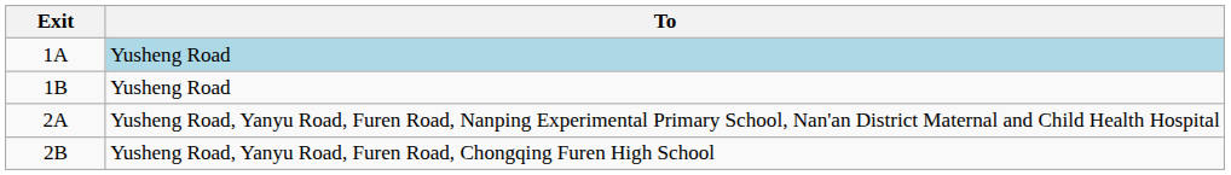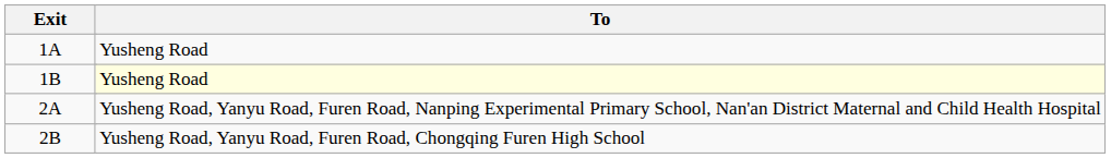 <table class="wikitable">
 <tr>
 <th style="width:70px" colspan="2">Exit</th>
 <th>To</th>
 </tr>
 <tr>
 <td align="center" colspan="2">1A</td>
-<td style="background: lightblue;">Yusheng Road</td>
+<td>Yusheng Road</td>
 </tr>
 <tr>
 <td align="center" colspan="2">1B</td>
-<td>Yusheng Road</td>
+<td style="background: lightyellow;">Yusheng Road</td>
 </tr>
 <tr>
 <td align="center" colspan="2">2A</td>
 <td>Yusheng Road, Yanyu Road, Furen Road, Nanping Experimental Primary School, Nan'an District Maternal and Child Health Hospital</td>
 </tr>
 <tr>
 <td align="center" colspan="2">2B</td>
 <td>Yusheng Road, Yanyu Road, Furen Road, Chongqing Furen High School</td>
 </tr>
 </table>
